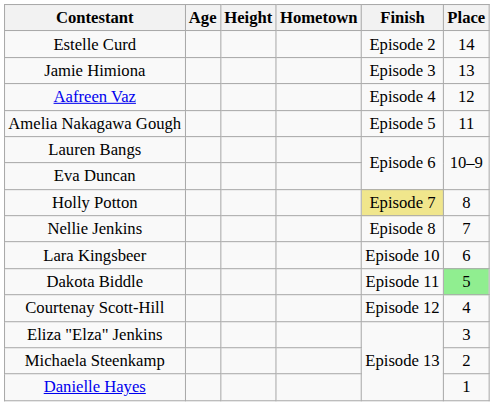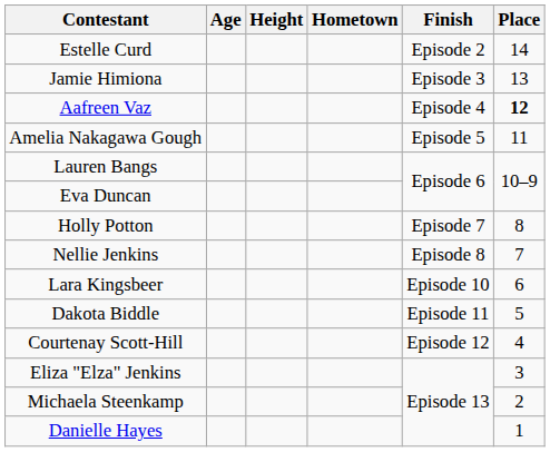 <table class="wikitable sortable" style="text-align:center;">
 <tr>
 <th>Contestant</th>
 <th>Age</th>
 <th>Height</th>
 <th>Hometown</th>
 <th>Finish</th>
 <th>Place</th>
 </tr>
 <tr>
 <td>Estelle Curd</td>
 <td></td>
 <td></td>
 <td></td>
 <td>Episode 2</td>
 <td>14</td>
 </tr>
 <tr>
 <td>Jamie Himiona</td>
 <td></td>
 <td></td>
 <td></td>
 <td>Episode 3</td>
 <td>13</td>
 </tr>
 <tr>
 <td><a href='#'>Aafreen Vaz</a></td>
 <td></td>
 <td></td>
 <td></td>
 <td>Episode 4</td>
-<td>12</td>
+<td><strong>12</strong></td>
 </tr>
 <tr>
 <td>Amelia Nakagawa Gough</td>
 <td></td>
 <td></td>
 <td></td>
 <td>Episode 5</td>
 <td>11</td>
 </tr>
 <tr>
 <td>Lauren Bangs</td>
 <td></td>
 <td></td>
 <td></td>
 <td rowspan=2>Episode 6</td>
 <td rowspan="2">10–9</td>
 </tr>
 <tr>
 <td>Eva Duncan</td>
 <td></td>
 <td></td>
 <td></td>
 </tr>
 <tr>
 <td>Holly Potton</td>
 <td></td>
 <td></td>
 <td></td>
-<td style="background: khaki;">Episode 7</td>
+<td>Episode 7</td>
 <td>8</td>
 </tr>
 <tr>
 <td>Nellie Jenkins </td>
 <td></td>
 <td></td>
 <td></td>
 <td>Episode 8</td>
 <td>7</td>
 </tr>
 <tr>
 <td>Lara Kingsbeer</td>
 <td></td>
 <td></td>
 <td></td>
 <td>Episode 10</td>
 <td>6</td>
 </tr>
 <tr>
 <td>Dakota Biddle</td>
 <td></td>
 <td></td>
 <td></td>
 <td>Episode 11</td>
-<td style="background: lightgreen;">5</td>
+<td>5</td>
 </tr>
 <tr>
 <td>Courtenay Scott-Hill</td>
 <td></td>
 <td></td>
 <td></td>
 <td>Episode 12</td>
 <td>4</td>
 </tr>
 <tr>
 <td>Eliza "Elza" Jenkins</td>
 <td></td>
 <td></td>
 <td></td>
 <td rowspan="3">Episode 13</td>
 <td>3</td>
 </tr>
 <tr>
 <td>Michaela Steenkamp</td>
 <td></td>
 <td></td>
 <td></td>
 <td>2</td>
 </tr>
 <tr>
 <td><a href='#'>Danielle Hayes</a></td>
 <td></td>
 <td></td>
 <td></td>
 <td>1</td>
 </tr>
 </table>
